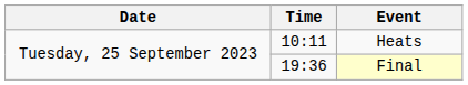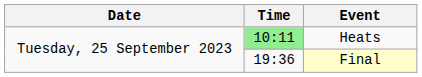 <table class = "wikitable" style="text-align:center;">
 <tr>
 <th width=220>Date</th>
 <th width=50>Time</th>
 <th width=100>Event</th>
 </tr>
 <tr>
 <td rowspan=2>Tuesday, 25 September 2023</td>
-<td>10:11</td>
+<td style="background: lightgreen;">10:11</td>
 <td>Heats</td>
 </tr>
 <tr>
 <td>19:36</td>
 <td bgcolor=ffffcc>Final</td>
 </tr>
 </table>
